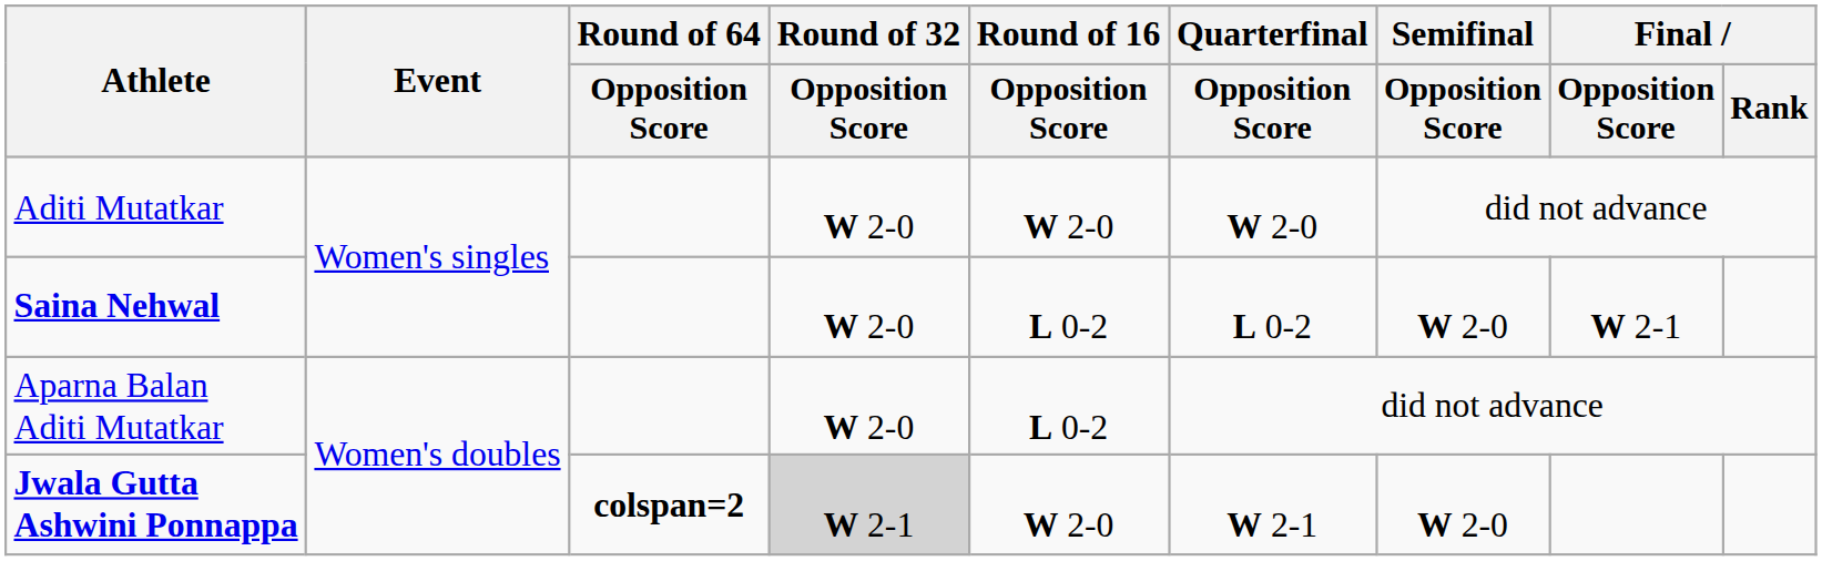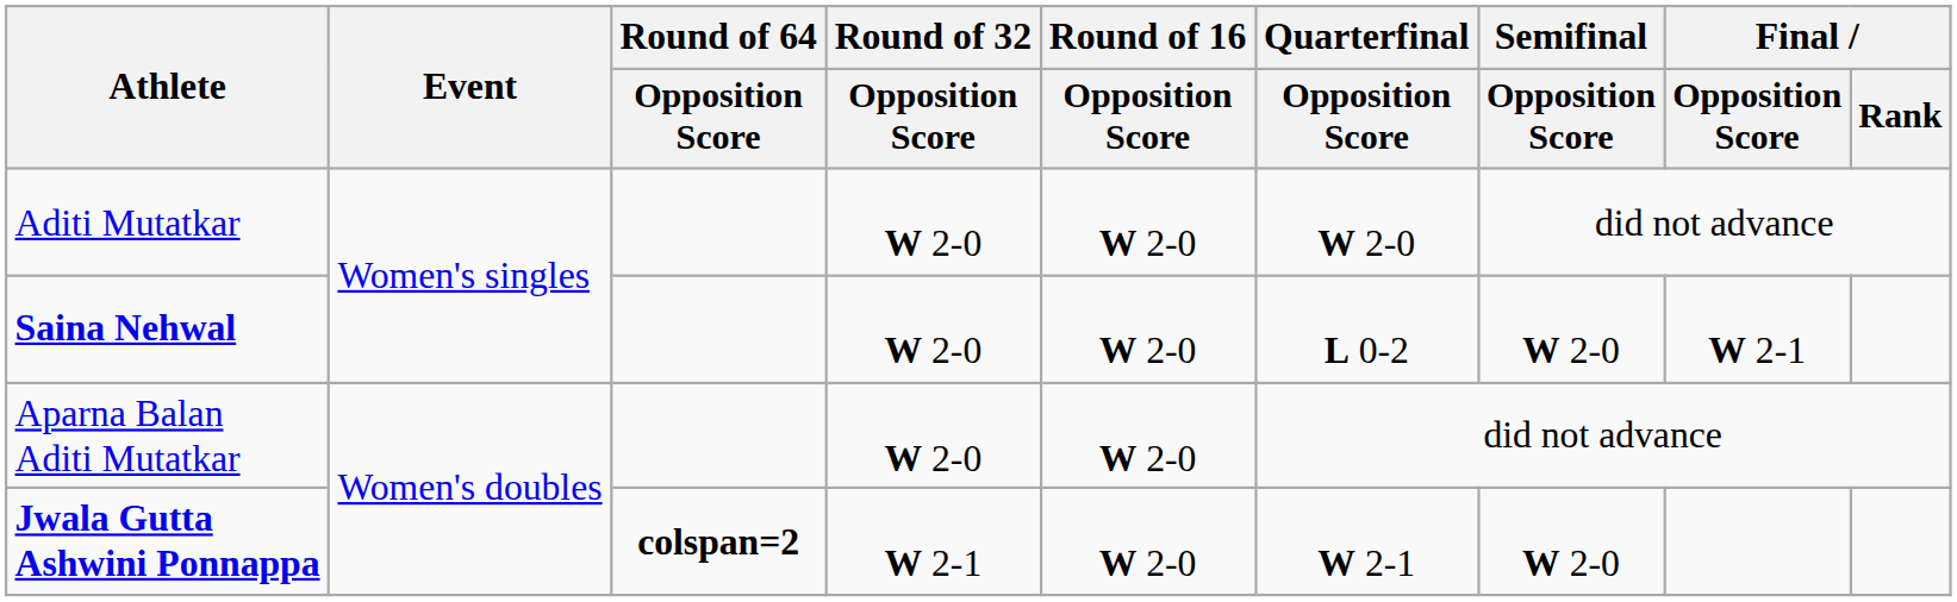 <table class=wikitable style="font-size:90%">
 <tr>
 <th rowspan="2">Athlete</th>
 <th rowspan="2">Event</th>
 <th>Round of 64</th>
 <th>Round of 32</th>
 <th>Round of 16</th>
 <th>Quarterfinal</th>
 <th>Semifinal</th>
 <th colspan=2>Final / </th>
 </tr>
 <tr style="font-size:95%">
 <th>Opposition<br>Score</th>
 <th>Opposition<br>Score</th>
 <th>Opposition<br>Score</th>
 <th>Opposition<br>Score</th>
 <th>Opposition<br>Score</th>
 <th>Opposition<br>Score</th>
 <th>Rank</th>
 </tr>
 <tr align=center>
 <td align=left><a href='#'>Aditi Mutatkar</a></td>
 <td align=left rowspan=2><a href='#'>Women's singles</a></td>
 <td></td>
 <td><br><strong>W</strong> 2-0</td>
 <td><br><strong>W</strong> 2-0</td>
 <td><br><strong>W</strong> 2-0</td>
 <td colspan=3>did not advance</td>
 </tr>
 <tr align=center>
 <td align=left><strong><a href='#'>Saina Nehwal</a></strong></td>
 <td></td>
 <td><br><strong>W</strong> 2-0</td>
-<td><br><strong>L</strong> 0-2</td>
+<td><br><strong>W</strong> 2-0</td>
 <td><br><strong>L</strong> 0-2</td>
 <td><br><strong>W</strong> 2-0</td>
 <td><br><strong>W</strong> 2-1</td>
 <td></td>
 </tr>
 <tr align=center>
 <td align=left><a href='#'>Aparna Balan</a><br><a href='#'>Aditi Mutatkar</a></td>
 <td align=left rowspan=2><a href='#'>Women's doubles</a></td>
 <td></td>
 <td><br><strong>W</strong> 2-0</td>
-<td><br><strong>L</strong> 0-2</td>
+<td><br><strong>W</strong> 2-0</td>
 <td colspan=4>did not advance</td>
 </tr>
 <tr align=center>
 <td align=left><strong><a href='#'>Jwala Gutta</a><br><a href='#'>Ashwini Ponnappa</a></strong></td>
 <td><strong>colspan=2 </strong></td>
-<td style="background: lightgrey;"><br><strong>W</strong> 2-1</td>
+<td><br><strong>W</strong> 2-1</td>
 <td><br><strong>W</strong> 2-0</td>
 <td><br><strong>W</strong> 2-1</td>
 <td><br><strong>W</strong> 2-0</td>
 <td></td>
 </tr>
 </table>
